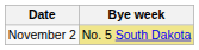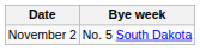 <table class="wikitable" style="font-size:95%;">
 <tr>
 <th>Date</th>
 <th>Bye week</th>
 </tr>
 <tr>
 <td>November 2</td>
-<td style="background: khaki;">No. 5 <a href='#'>South Dakota</a></td>
+<td>No. 5 <a href='#'>South Dakota</a></td>
 </tr>
 </table>
